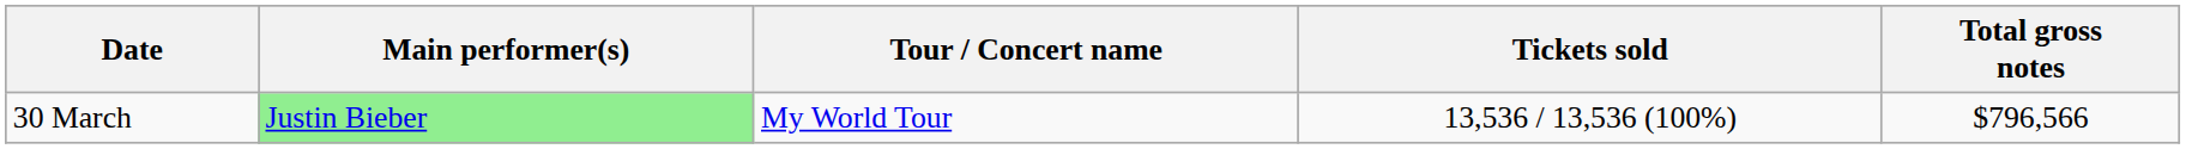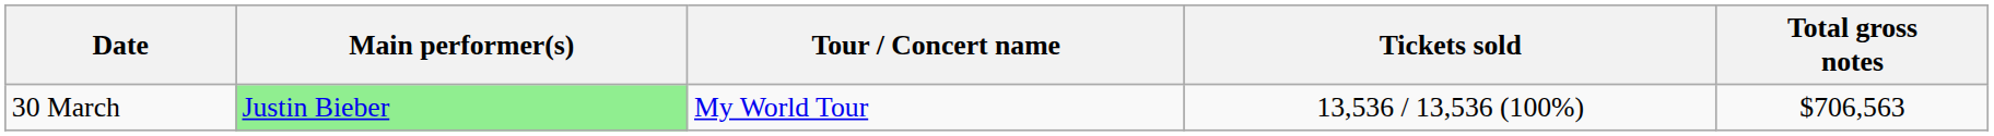 <table class="wikitable"  style="text-align:left; font-size:95%; width:85%;">
 <tr>
 <th style="text-align:center;">Date</th>
 <th style="text-align:center;">Main performer(s)</th>
 <th style="text-align:center;">Tour / Concert name</th>
 <th style="text-align:center;">Tickets sold</th>
 <th style="text-align:center;">Total gross<br>notes</th>
 </tr>
 <tr>
 <td>30 March</td>
 <td style="background: lightgreen;"><a href='#'>Justin Bieber</a></td>
 <td><a href='#'>My World Tour</a></td>
 <td style="text-align:center;">13,536 / 13,536 (100%)</td>
-<td style="text-align:center;">$796,566</td>
+<td style="text-align:center;">$706,563</td>
 </tr>
 </table>
